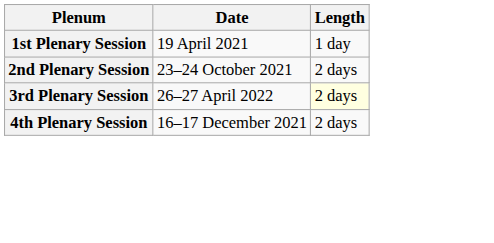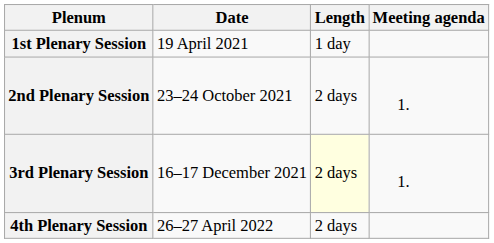 <table class="wikitable sortable plainrowheaders">
 <tr>
 <th scope="col">Plenum</th>
 <th scope="col">Date</th>
 <th scope="col">Length</th>
+<th scope="col">Meeting agenda</th>
 </tr>
 <tr>
 <th scope="row">1st Plenary Session</th>
 <td data-sort-value="1">19 April 2021</td>
 <td>1 day</td>
+<td></td>
 </tr>
 <tr>
 <th scope="row">2nd Plenary Session</th>
 <td data-sort-value="2">23–24 October 2021</td>
 <td>2 days</td>
+<td><br><ol><li></li></ol></td>
 </tr>
 <tr>
 <th scope="row">3rd Plenary Session</th>
-<td data-sort-value="4">26–27 April 2022</td>
+<td data-sort-value="3">16–17 December 2021</td>
 <td style="background: lightyellow;">2 days</td>
+<td><br><ol><li></li></ol></td>
 </tr>
 <tr>
 <th scope="row">4th Plenary Session</th>
-<td data-sort-value="3">16–17 December 2021</td>
+<td data-sort-value="4">26–27 April 2022</td>
 <td>2 days</td>
+<td></td>
 </tr>
 </table>
